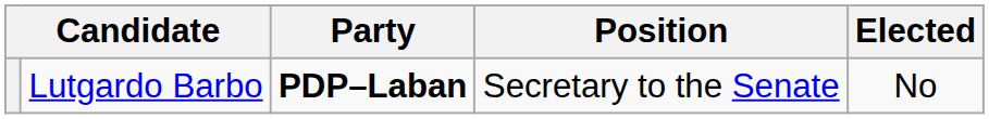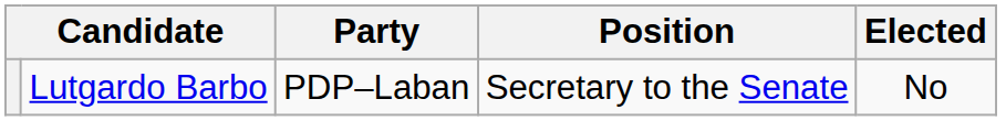 <table class="wikitable sortable" style="text-align:center;font-size:100%;">
 <tr>
 <th colspan="2">Candidate</th>
 <th>Party</th>
 <th>Position</th>
 <th>Elected</th>
 </tr>
 <tr>
 <th style="background:"></th>
 <td><a href='#'>Lutgardo Barbo</a></td>
-<td><strong>PDP–Laban</strong></td>
+<td>PDP–Laban</td>
 <td>Secretary to the <a href='#'>Senate</a></td>
 <td>No</td>
 </tr>
 </table>
